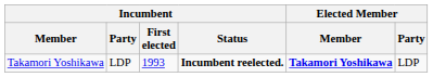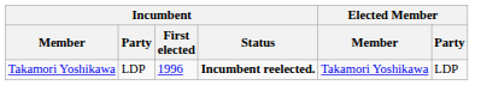 <table class="wikitable sortable">
 <tr>
 <th colspan=4>Incumbent</th>
 <th colspan=2>Elected Member</th>
 </tr>
 <tr>
 <th>Member</th>
 <th>Party</th>
 <th>First<br>elected</th>
 <th>Status</th>
 <th>Member</th>
 <th>Party</th>
 </tr>
 <tr>
 <td><a href='#'>Takamori Yoshikawa</a></td>
 <td>LDP</td>
-<td><a href='#'>1993</a></td>
+<td><a href='#'>1996</a></td>
 <td><strong>Incumbent reelected.</strong></td>
-<td><strong><a href='#'>Takamori Yoshikawa</a></strong></td>
+<td><a href='#'>Takamori Yoshikawa</a></td>
 <td>LDP</td>
 </tr>
 </table>
